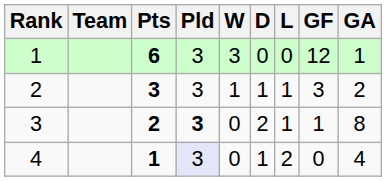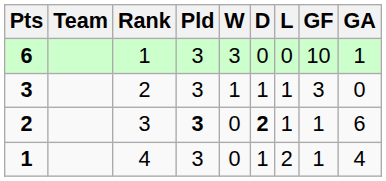 <table class=wikitable>
 <tr>
+<th>Pts</th>
+<th>Team</th>
 <th>Rank</th>
-<th>Team</th>
-<th>Pts</th>
 <th>Pld</th>
 <th>W</th>
 <th>D</th>
 <th>L</th>
 <th>GF</th>
 <th>GA</th>
 </tr>
 <tr style="text-align:center; background:#cfc;">
+<td><strong>6</strong></td>
+<td align=left></td>
 <td>1</td>
-<td align=left></td>
-<td><strong>6</strong></td>
 <td>3</td>
 <td>3</td>
 <td>0</td>
 <td>0</td>
-<td>12</td>
+<td>10</td>
 <td>1</td>
 </tr>
 <tr align=center>
+<td><strong>3</strong></td>
+<td align=left></td>
 <td>2</td>
-<td align=left></td>
-<td><strong>3</strong></td>
 <td>3</td>
 <td>1</td>
 <td>1</td>
 <td>1</td>
 <td>3</td>
-<td>2</td>
+<td>0</td>
 </tr>
 <tr align=center>
+<td><strong>2</strong></td>
+<td align=left></td>
 <td>3</td>
-<td align=left></td>
-<td><strong>2</strong></td>
 <td><strong>3</strong></td>
 <td>0</td>
-<td>2</td>
+<td><strong>2</strong></td>
 <td>1</td>
 <td>1</td>
-<td>8</td>
+<td>6</td>
 </tr>
 <tr align=center>
+<td><strong>1</strong></td>
+<td align=left></td>
 <td>4</td>
-<td align=left></td>
-<td><strong>1</strong></td>
-<td style="background: lavender;">3</td>
+<td>3</td>
 <td>0</td>
 <td>1</td>
 <td>2</td>
-<td>0</td>
+<td>1</td>
 <td>4</td>
 </tr>
 </table>
